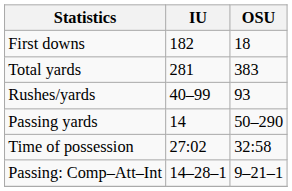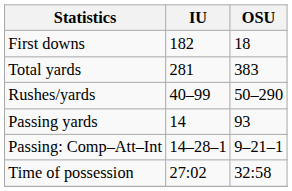 <table class="wikitable" style="float: left;">
 <tr>
 <th>Statistics</th>
 <th>IU</th>
 <th>OSU</th>
 </tr>
 <tr>
 <td>First downs</td>
 <td>182</td>
 <td>18</td>
 </tr>
 <tr>
 <td>Total yards</td>
 <td>281</td>
 <td>383</td>
 </tr>
 <tr>
 <td>Rushes/yards</td>
 <td>40–99</td>
-<td>93</td>
+<td>50–290</td>
 </tr>
 <tr>
 <td>Passing yards</td>
 <td>14</td>
-<td>50–290</td>
+<td>93</td>
+</tr>
+<tr>
+<td>Passing: Comp–Att–Int</td>
+<td>14–28–1</td>
+<td>9–21–1</td>
 </tr>
 <tr>
 <td>Time of possession</td>
 <td>27:02</td>
 <td>32:58</td>
 </tr>
 <tr>
-<td>Passing: Comp–Att–Int</td>
-<td>14–28–1</td>
-<td>9–21–1</td>
-</tr>
-<tr>
 </tr>
 </table>
